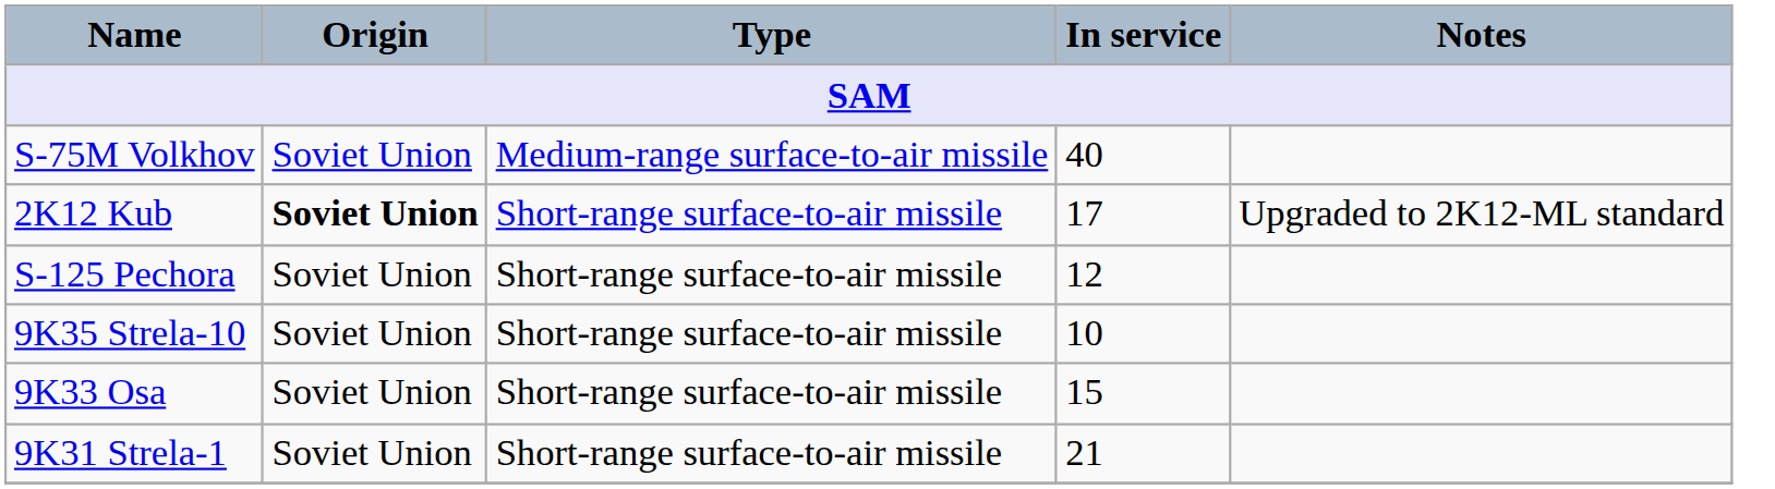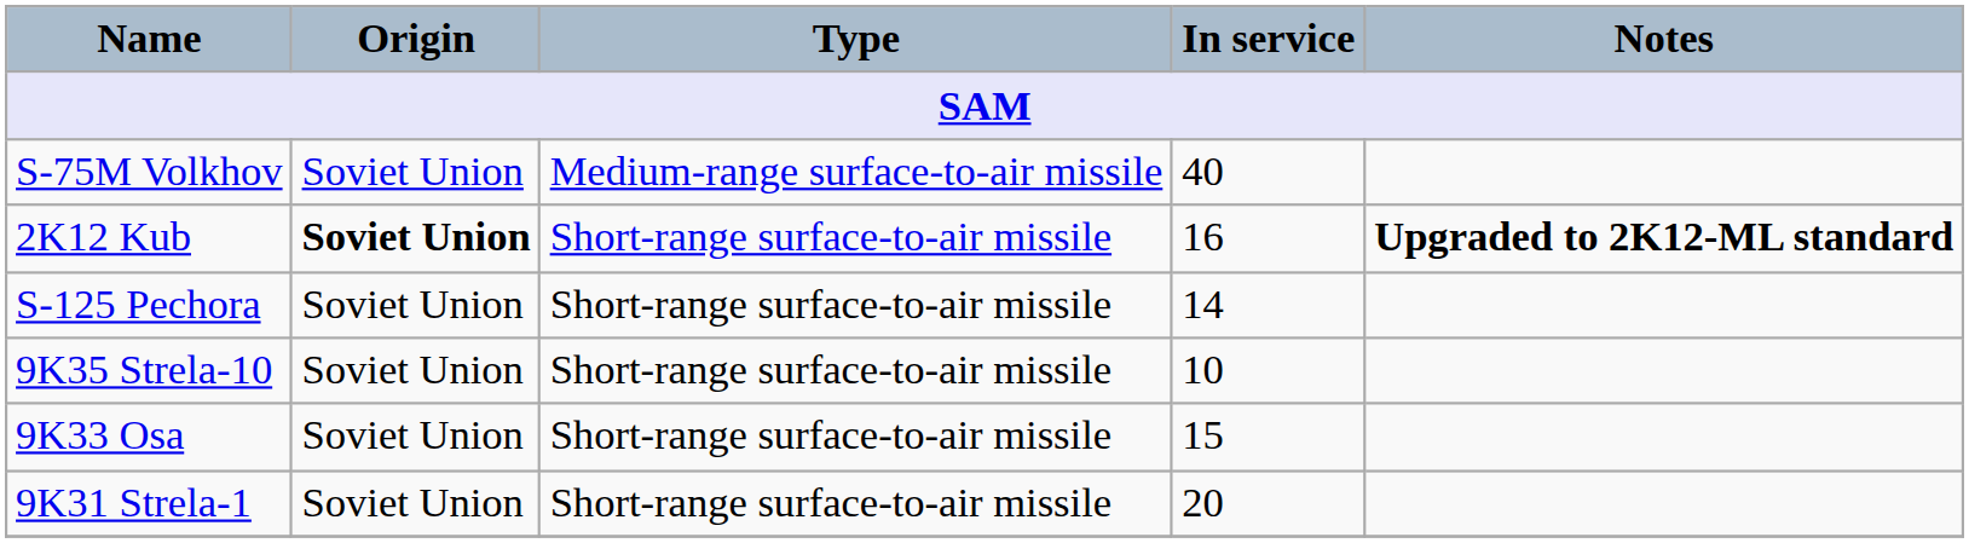 <table class="wikitable">
 <tr>
 <th style="text-align:center; background:#aabccc;">Name</th>
 <th style="text-align: center; background:#aabccc;">Origin</th>
 <th style="text-align:l center; background:#aabccc;">Type</th>
 <th style="text-align:l center; background:#aabccc;">In service</th>
 <th style="text-align: center; background:#aabccc;">Notes</th>
 </tr>
 <tr>
 <th style="align: center; background: lavender;" colspan="7"><a href='#'>SAM</a></th>
 </tr>
 <tr>
 <td><a href='#'>S-75M Volkhov</a></td>
 <td><a href='#'>Soviet Union</a></td>
 <td><a href='#'>Medium-range surface-to-air missile</a></td>
 <td>40</td>
 <td></td>
 </tr>
 <tr>
 <td><a href='#'>2K12 Kub</a></td>
 <td><strong>Soviet Union</strong></td>
 <td><a href='#'>Short-range surface-to-air missile</a></td>
-<td>17</td>
-<td>Upgraded to 2K12-ML standard</td>
+<td>16</td>
+<td><strong>Upgraded to 2K12-ML standard</strong></td>
 </tr>
 <tr>
 <td><a href='#'>S-125 Pechora</a></td>
 <td>Soviet Union</td>
 <td>Short-range surface-to-air missile</td>
-<td>12</td>
+<td>14</td>
 <td></td>
 </tr>
 <tr>
 <td><a href='#'>9K35 Strela-10</a></td>
 <td>Soviet Union</td>
 <td>Short-range surface-to-air missile</td>
 <td>10</td>
 <td></td>
 </tr>
 <tr>
 <td><a href='#'>9K33 Osa</a></td>
 <td>Soviet Union</td>
 <td>Short-range surface-to-air missile</td>
 <td>15</td>
 <td></td>
 </tr>
 <tr>
 <td><a href='#'>9K31 Strela-1</a></td>
 <td>Soviet Union</td>
 <td>Short-range surface-to-air missile</td>
-<td>21</td>
+<td>20</td>
 <td></td>
 </tr>
 <tr>
 </tr>
 </table>
